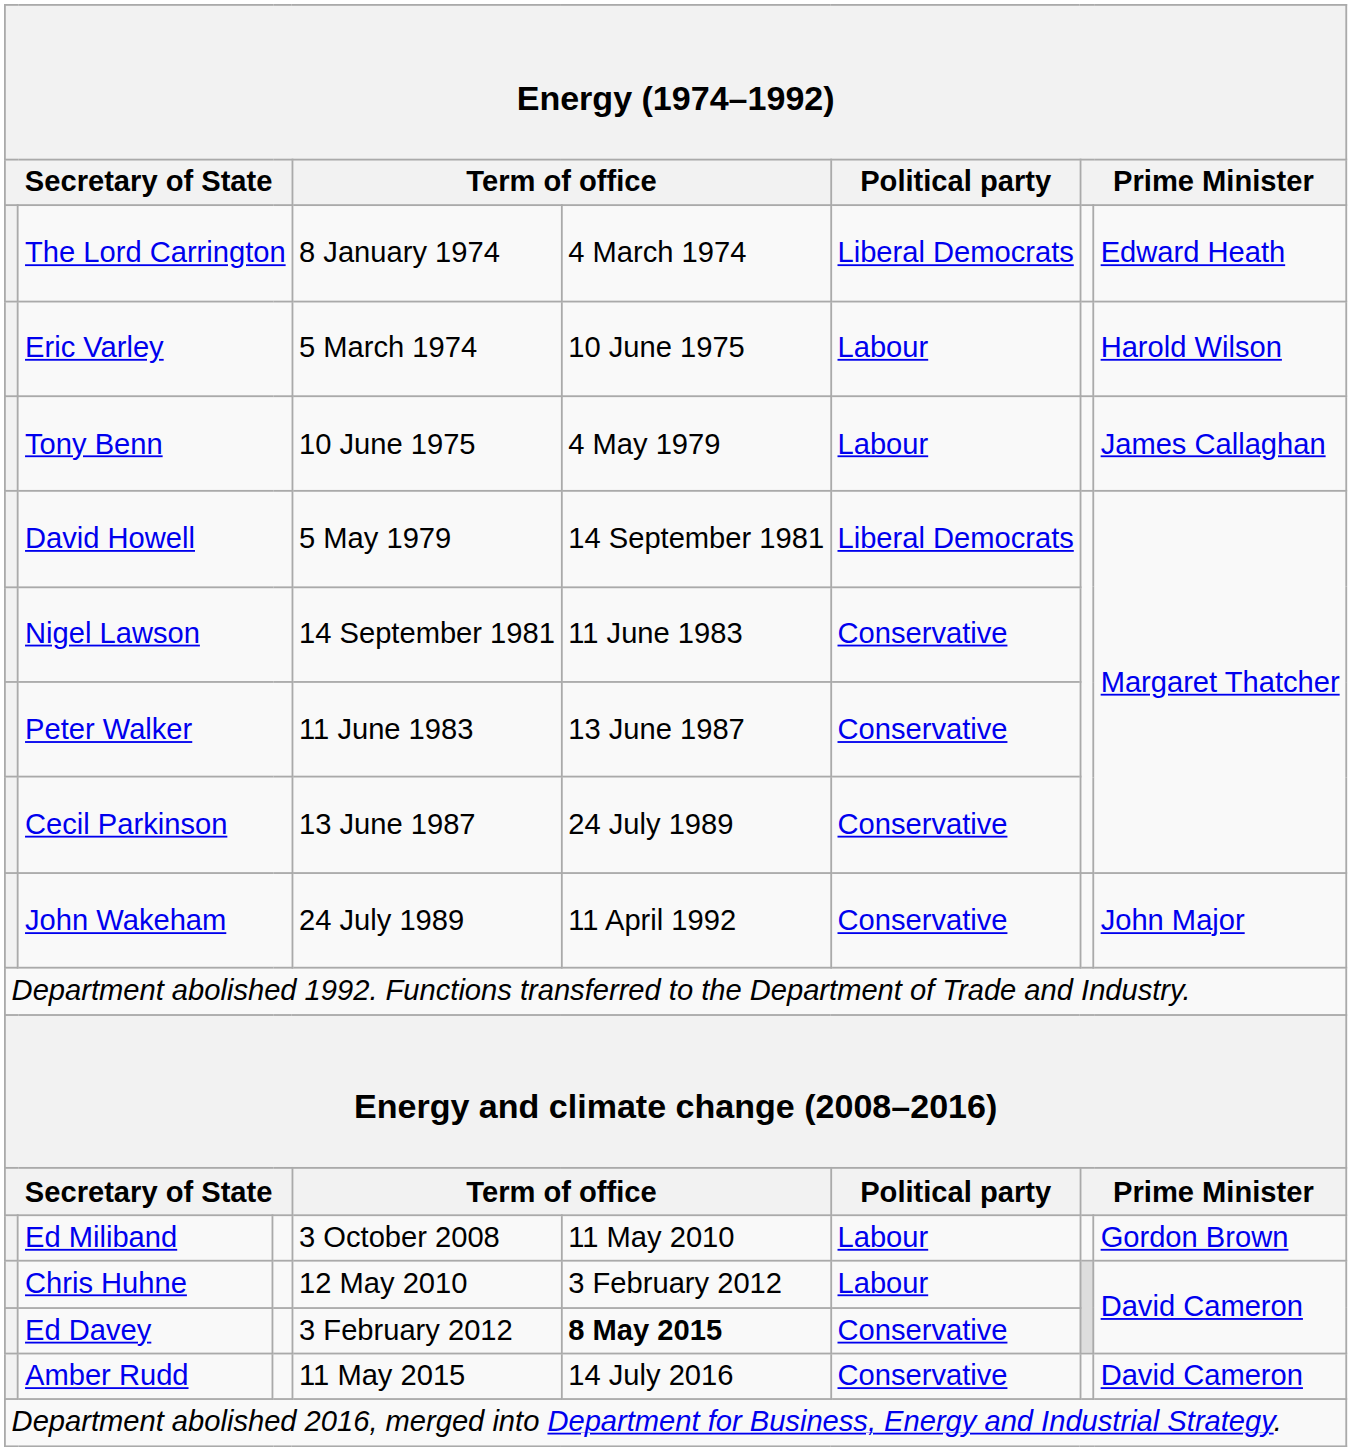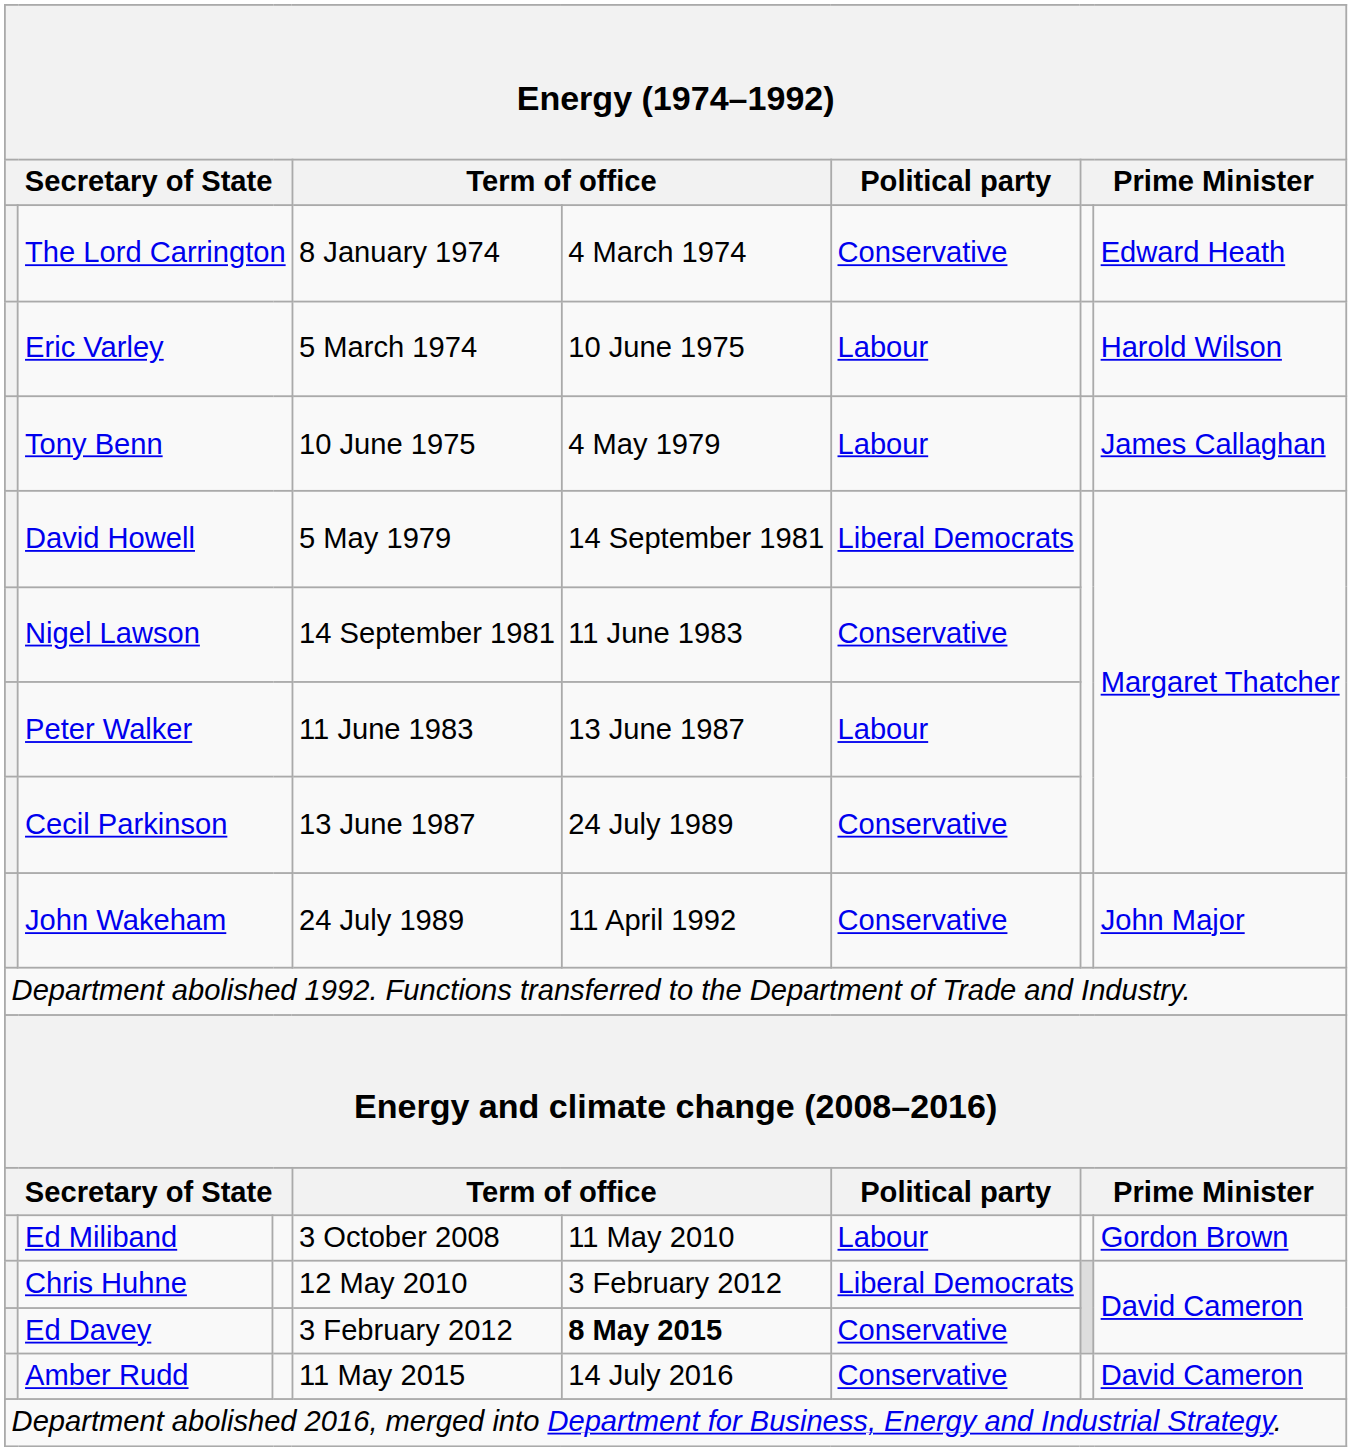 <table class="wikitable">
 <tr>
 <th colspan=9><br><h3>Energy (1974–1992)</h3></th>
 </tr>
 <tr>
 <th colspan=3>Secretary of State</th>
 <th colspan=2>Term of office</th>
 <th>Political party</th>
 <th colspan=2>Prime Minister</th>
 </tr>
 <tr>
 <th style="background-color:"></th>
 <td colspan=2 height=45><a href='#'>The Lord Carrington</a></td>
 <td>8 January 1974</td>
 <td>4 March 1974</td>
-<td><a href='#'>Liberal Democrats</a></td>
+<td><a href='#'>Conservative</a></td>
 <td style="background-color:"></td>
 <td><a href='#'>Edward Heath</a></td>
 </tr>
 <tr>
 <th style="background-color:"></th>
 <td colspan=2 height=45><a href='#'>Eric Varley</a></td>
 <td>5 March 1974</td>
 <td>10 June 1975</td>
 <td><a href='#'>Labour</a></td>
 <td rowspan=2 style="background-color:"></td>
 <td rowspan=2><a href='#'>Harold Wilson</a></td>
 </tr>
 <tr>
 <th rowspan=2 height=15 style="background-color:"></th>
 <td rowspan=2 colspan=2 height=45><a href='#'>Tony Benn</a></td>
 <td rowspan=2>10 June 1975</td>
 <td rowspan=2>4 May 1979</td>
 <td rowspan=2><a href='#'>Labour</a></td>
 </tr>
 <tr>
 <td style="background-color:"></td>
 <td><a href='#'>James Callaghan</a></td>
 </tr>
 <tr>
 <th style="background-color:"></th>
 <td colspan=2 height=45><a href='#'>David Howell</a></td>
 <td>5 May 1979</td>
 <td>14 September 1981</td>
 <td><a href='#'>Liberal Democrats</a></td>
 <td rowspan=5 style="background-color:"></td>
 <td rowspan=5><a href='#'>Margaret Thatcher</a></td>
 </tr>
 <tr>
 <th style="background-color:"></th>
 <td colspan=2 height=45><a href='#'>Nigel Lawson</a></td>
 <td>14 September 1981</td>
 <td>11 June 1983</td>
 <td><a href='#'>Conservative</a></td>
 </tr>
 <tr>
 <th style="background-color:"></th>
 <td colspan=2 height=45><a href='#'>Peter Walker</a></td>
 <td>11 June 1983</td>
 <td>13 June 1987</td>
-<td><a href='#'>Conservative</a></td>
+<td><a href='#'>Labour</a></td>
 </tr>
 <tr>
 <th style="background-color:"></th>
 <td colspan=2 height=45><a href='#'>Cecil Parkinson</a></td>
 <td>13 June 1987</td>
 <td>24 July 1989</td>
 <td><a href='#'>Conservative</a></td>
 </tr>
 <tr>
 <th rowspan=2 height=15 style="background-color:"></th>
 <td rowspan=2 colspan=2 height=45><a href='#'>John Wakeham</a></td>
 <td rowspan=2>24 July 1989</td>
 <td rowspan=2>11 April 1992</td>
 <td rowspan=2><a href='#'>Conservative</a></td>
 </tr>
 <tr>
 <td style="background-color:"></td>
 <td><a href='#'>John Major</a></td>
 </tr>
 <tr>
 <td colspan=9><em>Department abolished 1992. Functions transferred to the Department of Trade and Industry.</em></td>
 </tr>
 <tr>
 <th colspan=9><br><h3>Energy and climate change (2008–2016)</h3></th>
 </tr>
 <tr>
 <th colspan=3>Secretary of State</th>
 <th colspan=2>Term of office</th>
 <th>Political party</th>
 <th colspan=2>Prime Minister</th>
 </tr>
 <tr>
 <th style="background-color:"></th>
 <td><a href='#'>Ed Miliband</a></td>
 <td></td>
 <td>3 October 2008</td>
 <td>11 May 2010</td>
 <td><a href='#'>Labour</a></td>
 <td style="background-color:"></td>
 <td><a href='#'>Gordon Brown</a></td>
 </tr>
 <tr>
 <th style="background-color:"></th>
 <td><a href='#'>Chris Huhne</a></td>
 <td></td>
 <td>12 May 2010</td>
 <td>3 February 2012</td>
-<td><a href='#'>Labour</a></td>
+<td><a href='#'>Liberal Democrats</a></td>
 <td rowspan=2 style="background-color:#DDDDDD"></td>
 <td rowspan=2><a href='#'>David Cameron</a><br></td>
 </tr>
 <tr>
 <th style="background-color:"></th>
 <td><a href='#'>Ed Davey</a></td>
 <td></td>
 <td>3 February 2012</td>
 <td><strong>8 May 2015</strong></td>
 <td><a href='#'>Conservative</a></td>
 </tr>
 <tr>
 <th style="background-color:"></th>
 <td><a href='#'>Amber Rudd</a></td>
 <td></td>
 <td>11 May 2015</td>
 <td>14 July 2016</td>
 <td><a href='#'>Conservative</a></td>
 <td style="background-color:"></td>
 <td><a href='#'>David Cameron</a><br></td>
 </tr>
 <tr>
 <td colspan=9><em>Department abolished 2016, merged into <a href='#'>Department for Business, Energy and Industrial Strategy</a>.</em></td>
 </tr>
 </table>
